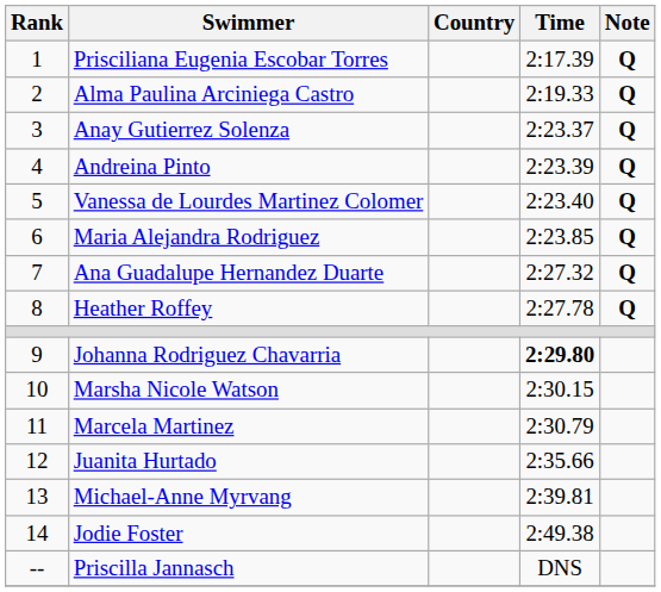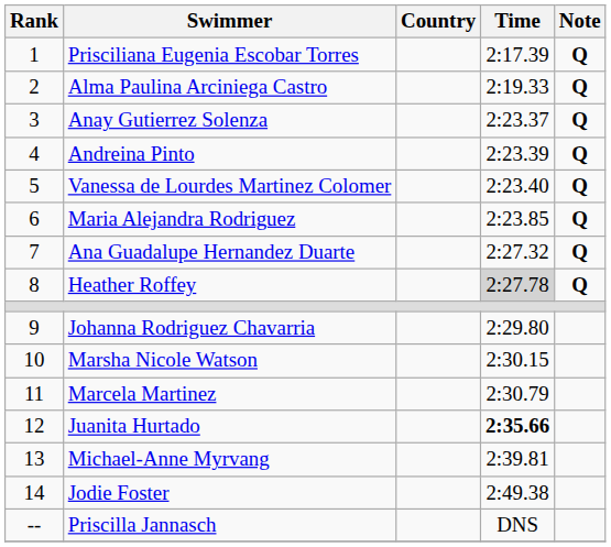 <table class="wikitable" style="text-align:center">
 <tr>
 <th>Rank</th>
 <th>Swimmer</th>
 <th>Country</th>
 <th>Time</th>
 <th>Note</th>
 </tr>
 <tr>
 <td>1</td>
 <td align=left><a href='#'>Prisciliana Eugenia Escobar Torres</a></td>
 <td align=left></td>
 <td>2:17.39</td>
 <td><strong>Q</strong></td>
 </tr>
 <tr>
 <td>2</td>
 <td align=left><a href='#'>Alma Paulina Arciniega Castro</a></td>
 <td align=left></td>
 <td>2:19.33</td>
 <td><strong>Q</strong></td>
 </tr>
 <tr>
 <td>3</td>
 <td align=left><a href='#'>Anay Gutierrez Solenza</a></td>
 <td align=left></td>
 <td>2:23.37</td>
 <td><strong>Q</strong></td>
 </tr>
 <tr>
 <td>4</td>
 <td align=left><a href='#'>Andreina Pinto</a></td>
 <td align=left></td>
 <td>2:23.39</td>
 <td><strong>Q</strong></td>
 </tr>
 <tr>
 <td>5</td>
 <td align=left><a href='#'>Vanessa de Lourdes Martinez Colomer</a></td>
 <td align=left></td>
 <td>2:23.40</td>
 <td><strong>Q</strong></td>
 </tr>
 <tr>
 <td>6</td>
 <td align=left><a href='#'>Maria Alejandra Rodriguez</a></td>
 <td align=left></td>
 <td>2:23.85</td>
 <td><strong>Q</strong></td>
 </tr>
 <tr>
 <td>7</td>
 <td align=left><a href='#'>Ana Guadalupe Hernandez Duarte</a></td>
 <td align=left></td>
 <td>2:27.32</td>
 <td><strong>Q</strong></td>
 </tr>
 <tr>
 <td>8</td>
 <td align=left><a href='#'>Heather Roffey</a></td>
 <td align=left></td>
-<td>2:27.78</td>
+<td style="background: lightgrey;">2:27.78</td>
 <td><strong>Q</strong></td>
 </tr>
 <tr bgcolor=#DDDDDD>
 <td colspan=5></td>
 </tr>
 <tr>
 <td>9</td>
 <td align=left><a href='#'>Johanna Rodriguez Chavarria</a></td>
 <td align=left></td>
-<td><strong>2:29.80</strong></td>
+<td>2:29.80</td>
 <td></td>
 </tr>
 <tr>
 <td>10</td>
 <td align=left><a href='#'>Marsha Nicole Watson</a></td>
 <td align=left></td>
 <td>2:30.15</td>
 <td></td>
 </tr>
 <tr>
 <td>11</td>
 <td align=left><a href='#'>Marcela Martinez</a></td>
 <td align=left></td>
 <td>2:30.79</td>
 <td></td>
 </tr>
 <tr>
 <td>12</td>
 <td align=left><a href='#'>Juanita Hurtado</a></td>
 <td align=left></td>
-<td>2:35.66</td>
+<td><strong>2:35.66</strong></td>
 <td></td>
 </tr>
 <tr>
 <td>13</td>
 <td align=left><a href='#'>Michael-Anne Myrvang</a></td>
 <td align=left></td>
 <td>2:39.81</td>
 <td></td>
 </tr>
 <tr>
 <td>14</td>
 <td align=left><a href='#'>Jodie Foster</a></td>
 <td align=left></td>
 <td>2:49.38</td>
 <td></td>
 </tr>
 <tr>
 <td>--</td>
 <td align=left><a href='#'>Priscilla Jannasch</a></td>
 <td align=left></td>
 <td>DNS</td>
 <td></td>
 </tr>
 <tr>
 </tr>
 </table>
